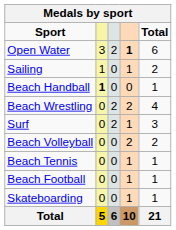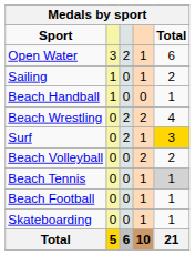 <table class="wikitable" style="font-size:85%; float:right;">
 <tr style="background:#efefef;">
 <th colspan=7>Medals by sport</th>
 </tr>
 <tr align=center>
 <td><strong>Sport</strong></td>
 <td style="background:#f7f6a8;"></td>
 <td style="background:#dce5e5;"></td>
 <td style="background:#ffdab9;"></td>
 <td><strong>Total</strong></td>
 </tr>
 <tr align=center>
 <td align=left><a href='#'>Open Water</a></td>
 <td style="background:#f7f6a8;">3</td>
 <td style="background:#dce5e5;">2</td>
-<td style="background:#ffdab9;"><strong>1</strong></td>
+<td style="background:#ffdab9;">1</td>
 <td>6</td>
 </tr>
 <tr align=center>
 <td align=left><a href='#'>Sailing</a></td>
 <td style="background:#f7f6a8;">1</td>
 <td style="background:#dce5e5;">0</td>
 <td style="background:#ffdab9;">1</td>
 <td>2</td>
 </tr>
 <tr align=center>
 <td align=left><a href='#'>Beach Handball</a></td>
-<td style="background:#f7f6a8;"><strong>1</strong></td>
+<td style="background:#f7f6a8;">1</td>
 <td style="background:#dce5e5;">0</td>
 <td style="background:#ffdab9;">0</td>
 <td>1</td>
 </tr>
 <tr align=center>
 <td align=left><a href='#'>Beach Wrestling</a></td>
 <td style="background:#f7f6a8;">0</td>
 <td style="background:#dce5e5;">2</td>
 <td style="background:#ffdab9;">2</td>
 <td>4</td>
 </tr>
 <tr align=center>
 <td align=left><a href='#'>Surf</a></td>
 <td style="background:#f7f6a8;">0</td>
 <td style="background:#dce5e5;">2</td>
 <td style="background:#ffdab9;">1</td>
-<td>3</td>
+<td style="background: gold;">3</td>
 </tr>
 <tr align=center>
 <td align=left><a href='#'>Beach Volleyball</a></td>
 <td style="background:#f7f6a8;">0</td>
 <td style="background:#dce5e5;">0</td>
 <td style="background:#ffdab9;">2</td>
 <td>2</td>
 </tr>
 <tr align=center>
 <td align=left><a href='#'>Beach Tennis</a></td>
 <td style="background:#f7f6a8;">0</td>
 <td style="background:#dce5e5;">0</td>
 <td style="background:#ffdab9;">1</td>
-<td>1</td>
+<td style="background: lightgrey;">1</td>
 </tr>
 <tr align=center>
 <td align=left><a href='#'>Beach Football</a></td>
 <td style="background:#f7f6a8;">0</td>
 <td style="background:#dce5e5;">0</td>
 <td style="background:#ffdab9;">1</td>
 <td>1</td>
 </tr>
 <tr align=center>
 <td align=left><a href='#'>Skateboarding</a></td>
 <td style="background:#f7f6a8;">0</td>
 <td style="background:#dce5e5;">0</td>
 <td style="background:#ffdab9;">1</td>
 <td>1</td>
 </tr>
 <tr align=center>
 <th>Total</th>
 <th style="background:gold;">5</th>
 <th style="background:silver;">6</th>
 <th style="background:#c96;">10</th>
 <th>21</th>
 </tr>
 </table>
